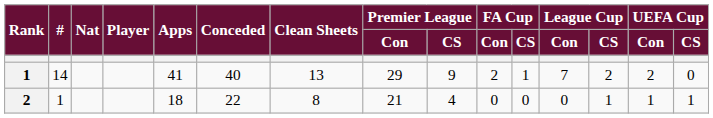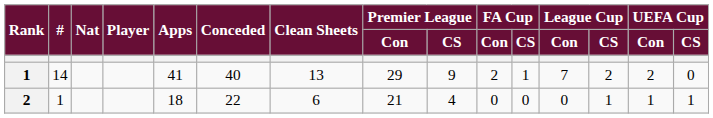 <table class="wikitable sortable" style="text-align:center; font-size:84.5%; width:100%;">
 <tr>
 <th rowspan="2"; style="background:#670E36; color:#FFFFFF; text-align:center;">Rank</th>
 <th rowspan="2"; style="background:#670E36; color:#FFFFFF; text-align:center;">#</th>
 <th rowspan="2"; style="background:#670E36; color:#FFFFFF; text-align:center;">Nat</th>
 <th rowspan="2"; style="background:#670E36; color:#FFFFFF; text-align:left;">Player</th>
 <th rowspan="2"; style="background:#670E36; color:#FFFFFF; text-align:center;">Apps</th>
 <th rowspan="2"; style="background:#670E36; color:#FFFFFF; text-align:center;">Conceded</th>
 <th rowspan="2"; style="background:#670E36; color:#FFFFFF; text-align:center;">Clean Sheets</th>
 <th colspan="2"; style="background:#670E36; color:#FFFFFF; text-align:center;">Premier League</th>
 <th colspan="2"; style="background:#670E36; color:#FFFFFF; text-align:center;">FA Cup</th>
 <th colspan="2"; style="background:#670E36; color:#FFFFFF; text-align:center;">League Cup</th>
 <th colspan="2"; style="background:#670E36; color:#FFFFFF; text-align:center;">UEFA Cup</th>
 </tr>
 <tr>
 <th style="background:#670E36; color:#FFFFFF; text-align:center;">Con</th>
 <th style="background:#670E36; color:#FFFFFF; text-align:center;">CS</th>
 <th style="background:#670E36; color:#FFFFFF; text-align:center;">Con</th>
 <th style="background:#670E36; color:#FFFFFF; text-align:center;">CS</th>
 <th style="background:#670E36; color:#FFFFFF; text-align:center;">Con</th>
 <th style="background:#670E36; color:#FFFFFF; text-align:center;">CS</th>
 <th style="background:#670E36; color:#FFFFFF; text-align:center;">Con</th>
 <th style="background:#670E36; color:#FFFFFF; text-align:center;">CS</th>
 </tr>
 <tr>
 <th></th>
 <th></th>
 <th></th>
 <th></th>
 <th></th>
 <th></th>
 <th></th>
 <th></th>
 <th></th>
 <th></th>
 <th></th>
 <th></th>
 <th></th>
 <th></th>
 <th></th>
 </tr>
 <tr>
 <th>1</th>
 <td>14</td>
 <td></td>
 <td style="text-align:left;"></td>
 <td>41</td>
 <td>40</td>
 <td>13</td>
 <td>29</td>
 <td>9</td>
 <td>2</td>
 <td>1</td>
 <td>7</td>
 <td>2</td>
 <td>2</td>
 <td>0</td>
 </tr>
 <tr>
 <th>2</th>
 <td>1</td>
 <td></td>
 <td style="text-align:left;"></td>
 <td>18</td>
 <td>22</td>
-<td>8</td>
+<td>6</td>
 <td>21</td>
 <td>4</td>
 <td>0</td>
 <td>0</td>
 <td>0</td>
 <td>1</td>
 <td>1</td>
 <td>1</td>
 </tr>
 </table>
